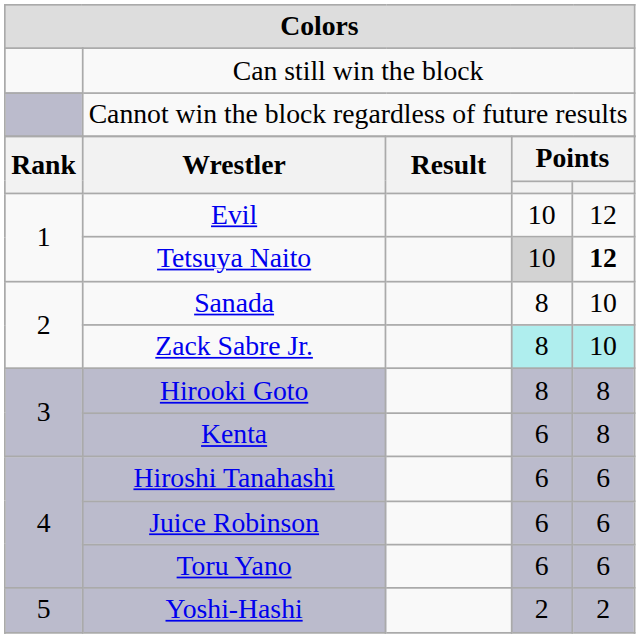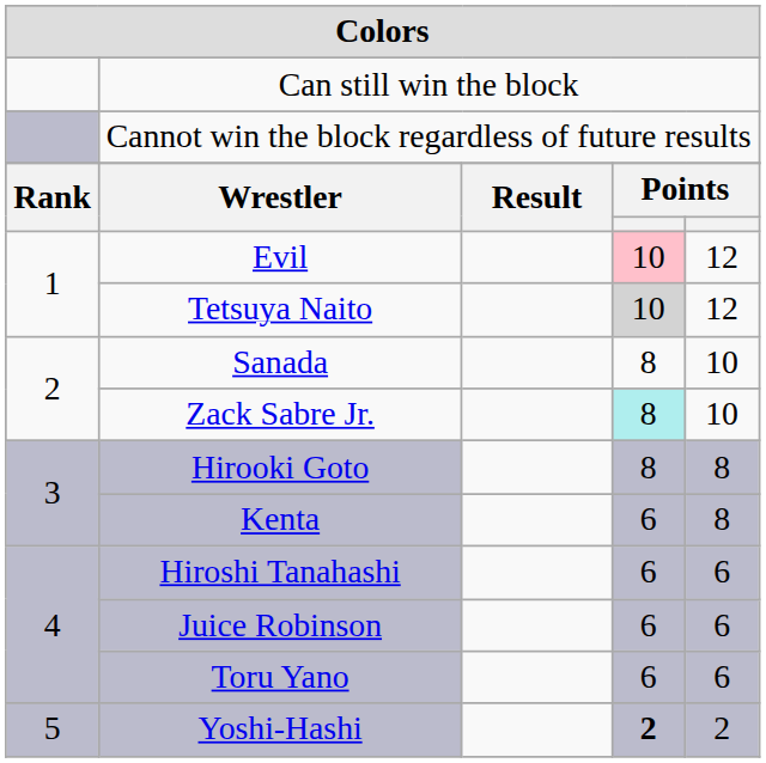 <table class="wikitable mw-collapsible mw-collapsed" plainrowheaders sortable" style="text-align: center">
 <tr>
 <th style="background: #DDDDDD;" colspan="5">Colors</th>
 </tr>
 <tr>
 <td></td>
 <td colspan="4">Can still win the block</td>
 </tr>
 <tr>
 <td style="background: #BBBBCC;"><br></td>
 <td colspan="4">Cannot win the block regardless of future results</td>
 </tr>
 <tr>
 </tr>
 <tr>
 <th scope="col" rowspan="2">Rank</th>
 <th scope="col" rowspan="2">Wrestler</th>
 <th scope="col" rowspan="2">Result</th>
 <th scope="col" colspan="2">Points</th>
 </tr>
 <tr>
 <th></th>
 <th></th>
 </tr>
 <tr>
 <td rowspan=2>1</td>
 <td><a href='#'>Evil</a></td>
 <td></td>
-<td>10</td>
+<td style="background: pink;">10</td>
 <td>12</td>
 </tr>
 <tr>
 <td><a href='#'>Tetsuya Naito</a></td>
 <td></td>
 <td style="background: lightgrey;">10</td>
-<td><strong>12</strong></td>
+<td>12</td>
 </tr>
 <tr>
 <td rowspan=2>2</td>
 <td><a href='#'>Sanada</a></td>
 <td></td>
 <td>8</td>
 <td>10</td>
 </tr>
 <tr>
 <td><a href='#'>Zack Sabre Jr.</a></td>
 <td></td>
 <td style="background: paleturquoise;">8</td>
-<td style="background: paleturquoise;">10</td>
+<td>10</td>
 </tr>
 <tr>
 <td rowspan=2 style="background: #BBBBCC;">3</td>
 <td style="background: #BBBBCC;"><a href='#'>Hirooki Goto</a></td>
 <td></td>
 <td style="background: #BBBBCC;">8</td>
 <td style="background: #BBBBCC;">8</td>
 </tr>
 <tr>
 <td style="background: #BBBBCC;"><a href='#'>Kenta</a></td>
 <td></td>
 <td style="background: #BBBBCC;">6</td>
 <td style="background: #BBBBCC;">8</td>
 </tr>
 <tr>
 <td rowspan=3 style="background: #BBBBCC;">4</td>
 <td style="background: #BBBBCC;"><a href='#'>Hiroshi Tanahashi</a></td>
 <td></td>
 <td style="background: #BBBBCC;">6</td>
 <td style="background: #BBBBCC;">6</td>
 </tr>
 <tr>
 <td style="background: #BBBBCC;"><a href='#'>Juice Robinson</a></td>
 <td></td>
 <td style="background: #BBBBCC;">6</td>
 <td style="background: #BBBBCC;">6</td>
 </tr>
 <tr>
 <td style="background: #BBBBCC;"><a href='#'>Toru Yano</a></td>
 <td></td>
 <td style="background: #BBBBCC;">6</td>
 <td style="background: #BBBBCC;">6</td>
 </tr>
 <tr>
 <td style="background: #BBBBCC;">5</td>
 <td style="background: #BBBBCC;"><a href='#'>Yoshi-Hashi</a></td>
 <td></td>
-<td style="background: #BBBBCC;">2</td>
+<td style="background: #BBBBCC;"><strong>2</strong></td>
 <td style="background: #BBBBCC;">2</td>
 </tr>
 </table>
